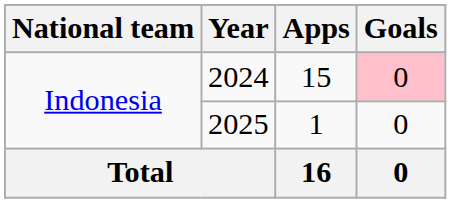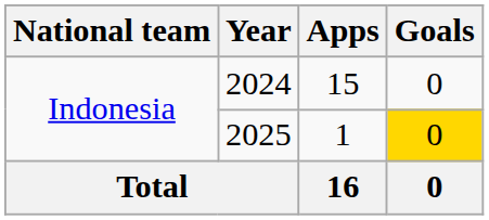 <table class="wikitable" style="text-align:center">
 <tr>
 <th>National team</th>
 <th>Year</th>
 <th>Apps</th>
 <th>Goals</th>
 </tr>
 <tr>
 <td rowspan="2"><a href='#'>Indonesia</a></td>
 <td>2024</td>
 <td>15</td>
-<td style="background: pink;">0</td>
+<td>0</td>
 </tr>
 <tr>
 <td>2025</td>
 <td>1</td>
-<td>0</td>
+<td style="background: gold;">0</td>
 </tr>
 <tr>
 <th colspan="2">Total</th>
 <th>16</th>
 <th>0</th>
 </tr>
 </table>
